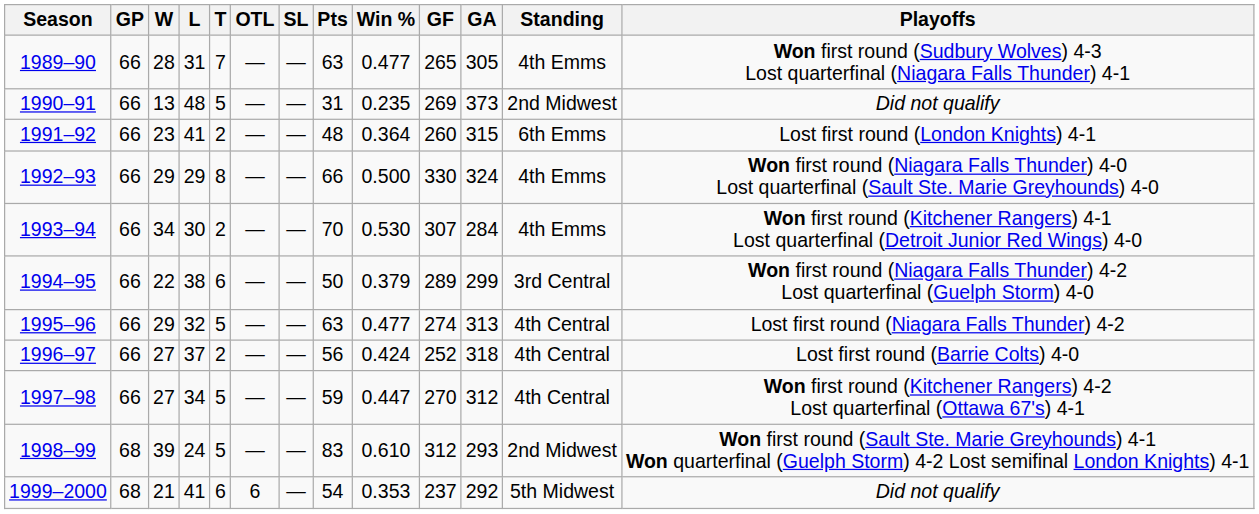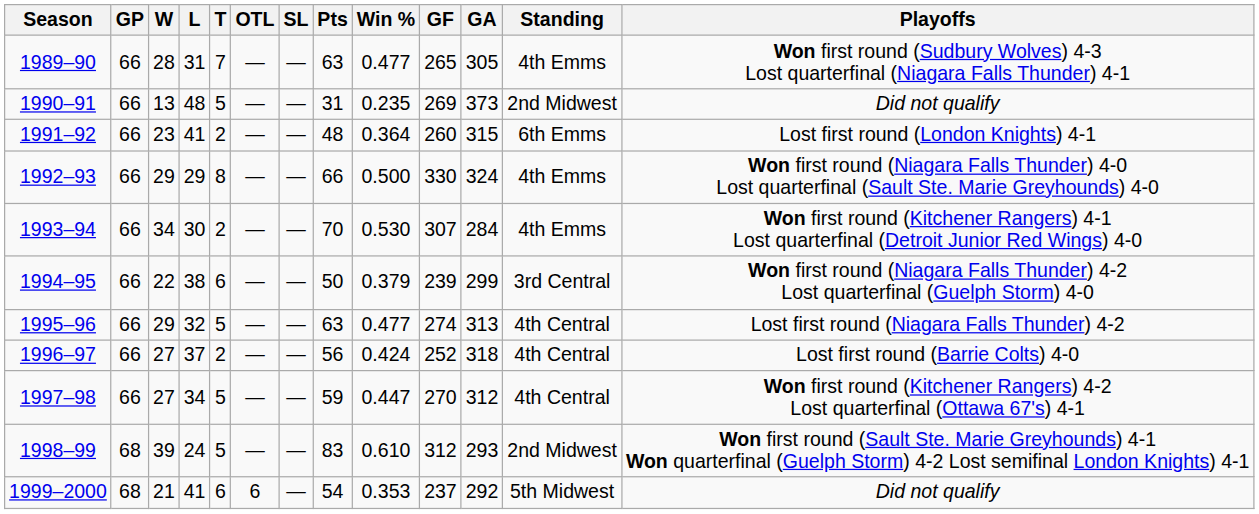 <table class="wikitable">
 <tr>
 <th>Season</th>
 <th>GP</th>
 <th>W</th>
 <th>L</th>
 <th>T</th>
 <th>OTL</th>
 <th>SL</th>
 <th>Pts</th>
 <th>Win %</th>
 <th>GF</th>
 <th>GA</th>
 <th>Standing</th>
 <th>Playoffs</th>
 </tr>
 <tr align="center">
 <td><a href='#'>1989–90</a></td>
 <td>66</td>
 <td>28</td>
 <td>31</td>
 <td>7</td>
 <td>—</td>
 <td>—</td>
 <td>63</td>
 <td>0.477</td>
 <td>265</td>
 <td>305</td>
 <td>4th Emms</td>
 <td><strong>Won</strong> first round (<a href='#'>Sudbury Wolves</a>) 4-3<br>Lost quarterfinal (<a href='#'>Niagara Falls Thunder</a>) 4-1</td>
 </tr>
 <tr align="center">
 <td><a href='#'>1990–91</a></td>
 <td>66</td>
 <td>13</td>
 <td>48</td>
 <td>5</td>
 <td>—</td>
 <td>—</td>
 <td>31</td>
 <td>0.235</td>
 <td>269</td>
 <td>373</td>
 <td>2nd Midwest</td>
 <td><em>Did not qualify</em></td>
 </tr>
 <tr align="center">
 <td><a href='#'>1991–92</a></td>
 <td>66</td>
 <td>23</td>
 <td>41</td>
 <td>2</td>
 <td>—</td>
 <td>—</td>
 <td>48</td>
 <td>0.364</td>
 <td>260</td>
 <td>315</td>
 <td>6th Emms</td>
 <td>Lost first round (<a href='#'>London Knights</a>) 4-1</td>
 </tr>
 <tr align="center">
 <td><a href='#'>1992–93</a></td>
 <td>66</td>
 <td>29</td>
 <td>29</td>
 <td>8</td>
 <td>—</td>
 <td>—</td>
 <td>66</td>
 <td>0.500</td>
 <td>330</td>
 <td>324</td>
 <td>4th Emms</td>
 <td><strong>Won</strong> first round (<a href='#'>Niagara Falls Thunder</a>) 4-0<br>Lost quarterfinal (<a href='#'>Sault Ste. Marie Greyhounds</a>) 4-0</td>
 </tr>
 <tr align="center">
 <td><a href='#'>1993–94</a></td>
 <td>66</td>
 <td>34</td>
 <td>30</td>
 <td>2</td>
 <td>—</td>
 <td>—</td>
 <td>70</td>
 <td>0.530</td>
 <td>307</td>
 <td>284</td>
 <td>4th Emms</td>
 <td><strong>Won</strong> first round (<a href='#'>Kitchener Rangers</a>) 4-1<br>Lost quarterfinal (<a href='#'>Detroit Junior Red Wings</a>) 4-0</td>
 </tr>
 <tr align="center">
 <td><a href='#'>1994–95</a></td>
 <td>66</td>
 <td>22</td>
 <td>38</td>
 <td>6</td>
 <td>—</td>
 <td>—</td>
 <td>50</td>
 <td>0.379</td>
-<td>289</td>
+<td>239</td>
 <td>299</td>
 <td>3rd Central</td>
 <td><strong>Won</strong> first round (<a href='#'>Niagara Falls Thunder</a>) 4-2<br>Lost quarterfinal (<a href='#'>Guelph Storm</a>) 4-0</td>
 </tr>
 <tr align="center">
 <td><a href='#'>1995–96</a></td>
 <td>66</td>
 <td>29</td>
 <td>32</td>
 <td>5</td>
 <td>—</td>
 <td>—</td>
 <td>63</td>
 <td>0.477</td>
 <td>274</td>
 <td>313</td>
 <td>4th Central</td>
 <td>Lost first round (<a href='#'>Niagara Falls Thunder</a>) 4-2</td>
 </tr>
 <tr align="center">
 <td><a href='#'>1996–97</a></td>
 <td>66</td>
 <td>27</td>
 <td>37</td>
 <td>2</td>
 <td>—</td>
 <td>—</td>
 <td>56</td>
 <td>0.424</td>
 <td>252</td>
 <td>318</td>
 <td>4th Central</td>
 <td>Lost first round (<a href='#'>Barrie Colts</a>) 4-0</td>
 </tr>
 <tr align="center">
 <td><a href='#'>1997–98</a></td>
 <td>66</td>
 <td>27</td>
 <td>34</td>
 <td>5</td>
 <td>—</td>
 <td>—</td>
 <td>59</td>
 <td>0.447</td>
 <td>270</td>
 <td>312</td>
 <td>4th Central</td>
 <td><strong>Won</strong> first round (<a href='#'>Kitchener Rangers</a>) 4-2<br>Lost quarterfinal (<a href='#'>Ottawa 67's</a>) 4-1</td>
 </tr>
 <tr align="center">
 <td><a href='#'>1998–99</a></td>
 <td>68</td>
 <td>39</td>
 <td>24</td>
 <td>5</td>
 <td>—</td>
 <td>—</td>
 <td>83</td>
 <td>0.610</td>
 <td>312</td>
 <td>293</td>
 <td>2nd Midwest</td>
 <td><strong>Won</strong> first round (<a href='#'>Sault Ste. Marie Greyhounds</a>) 4-1<br><strong>Won</strong> quarterfinal (<a href='#'>Guelph Storm</a>) 4-2 Lost semifinal <a href='#'>London Knights</a>) 4-1</td>
 </tr>
 <tr align="center">
 <td><a href='#'>1999–2000</a></td>
 <td>68</td>
 <td>21</td>
 <td>41</td>
 <td>6</td>
 <td>6</td>
 <td>—</td>
 <td>54</td>
 <td>0.353</td>
 <td>237</td>
 <td>292</td>
 <td>5th Midwest</td>
 <td><em>Did not qualify</em></td>
 </tr>
 </table>
